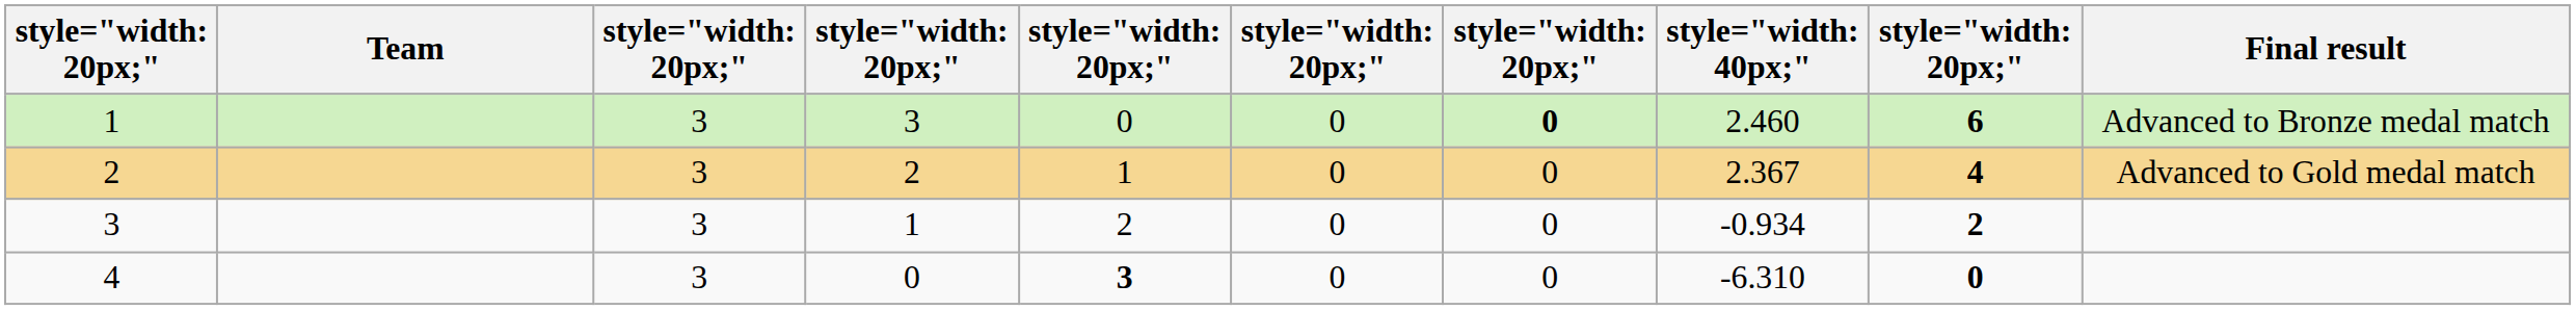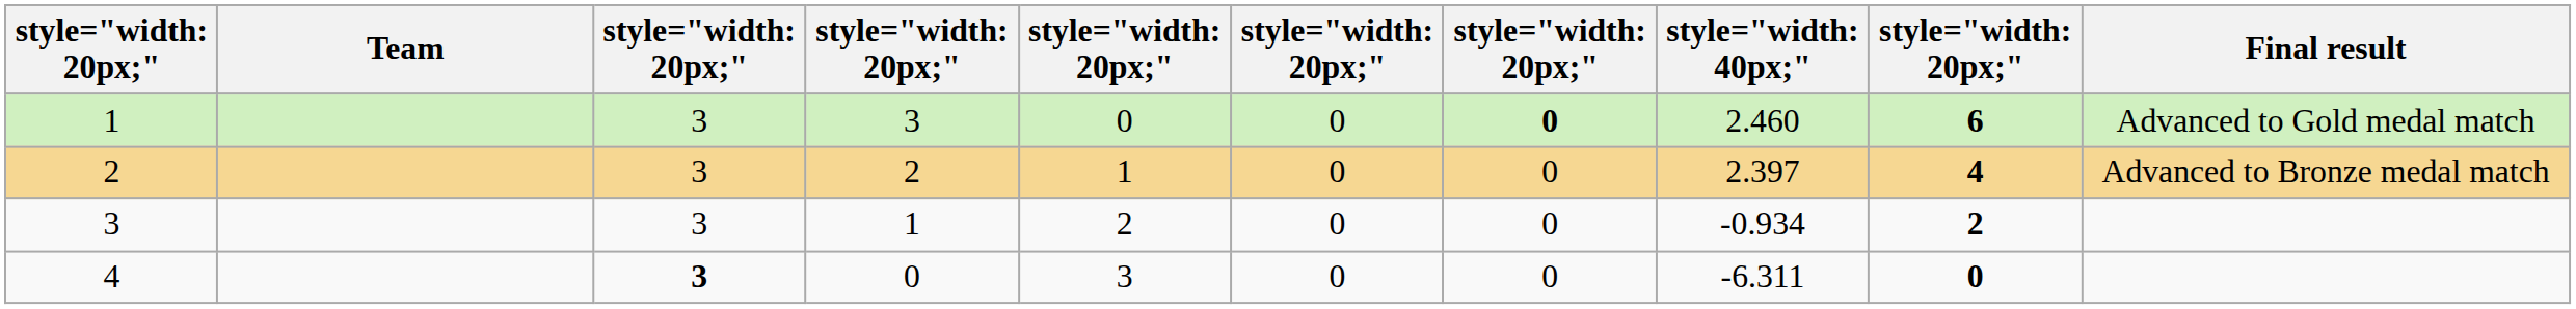 <table class="wikitable" border="1" style="text-align: center;">
 <tr>
 <th>style="width: 20px;"</th>
 <th style="width: 175px;">Team</th>
 <th>style="width: 20px;"</th>
 <th>style="width: 20px;"</th>
 <th>style="width: 20px;"</th>
 <th>style="width: 20px;"</th>
 <th>style="width: 20px;"</th>
 <th>style="width: 40px;"</th>
 <th>style="width: 20px;"</th>
 <th style="width: 230px;">Final result</th>
 </tr>
 <tr style="background:#D0F0C0;">
 <td>1</td>
 <td style="text-align:left"></td>
 <td>3</td>
 <td>3</td>
 <td>0</td>
 <td>0</td>
 <td><strong>0</strong></td>
 <td>2.460</td>
 <td><strong>6</strong></td>
-<td>Advanced to Bronze medal match</td>
+<td>Advanced to Gold medal match</td>
 </tr>
 <tr style="background:#F6D792;">
 <td>2</td>
 <td style="text-align:left"></td>
 <td>3</td>
 <td>2</td>
 <td>1</td>
 <td>0</td>
 <td>0</td>
-<td>2.367</td>
+<td>2.397</td>
 <td><strong>4</strong></td>
-<td>Advanced to Gold medal match</td>
+<td>Advanced to Bronze medal match</td>
 </tr>
 <tr>
 <td>3</td>
 <td style="text-align:left"></td>
 <td>3</td>
 <td>1</td>
 <td>2</td>
 <td>0</td>
 <td>0</td>
 <td>-0.934</td>
 <td><strong>2</strong></td>
 <td></td>
 </tr>
 <tr>
 <td>4</td>
 <td style="text-align:left"></td>
+<td><strong>3</strong></td>
+<td>0</td>
 <td>3</td>
 <td>0</td>
-<td><strong>3</strong></td>
 <td>0</td>
-<td>0</td>
-<td>-6.310</td>
+<td>-6.311</td>
 <td><strong>0</strong></td>
 <td></td>
 </tr>
 </table>
